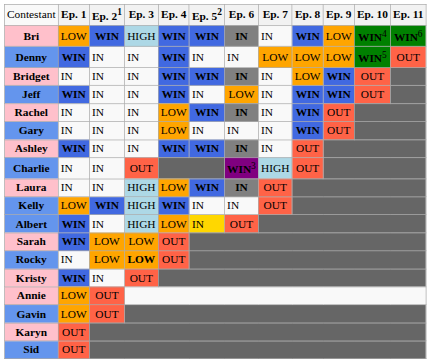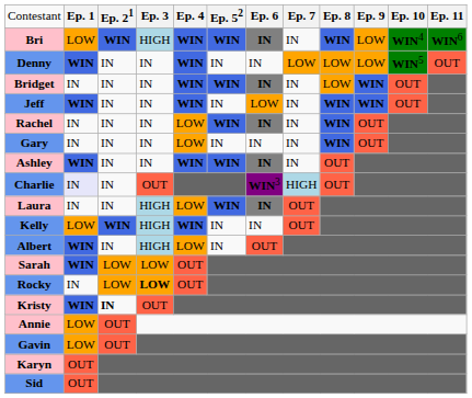 <table class="wikitable">
 <tr>
 <td align="center">Contestant</td>
 <th>Ep. 1</th>
 <th>Ep. 2<sup>1</sup></th>
 <th>Ep. 3</th>
 <th>Ep. 4</th>
 <th>Ep. 5<sup>2</sup></th>
 <th>Ep. 6</th>
 <th>Ep. 7</th>
 <th>Ep. 8</th>
 <th>Ep. 9</th>
 <th>Ep. 10</th>
 <th>Ep. 11</th>
 </tr>
 <tr>
 <td align="center" style="background:pink;"><strong>Bri</strong></td>
 <td align="center" style="background:orange;">LOW</td>
 <td align="center" style="background:royalblue;"><strong>WIN</strong></td>
 <td align="center" style="background:lightblue;">HIGH</td>
 <td align="center" style="background:royalblue;"><strong>WIN</strong></td>
 <td align="center" style="background:royalblue;"><strong>WIN</strong></td>
 <td align="center" style="background:gray;"><strong>IN</strong></td>
 <td>IN</td>
 <td align="center" style="background:royalblue;"><strong>WIN</strong></td>
 <td align="center" style="background:orange;">LOW</td>
 <td align="center" style="background:green;"><strong>WIN</strong><sup>4</sup></td>
 <td align="center" style="background:green;"><strong>WIN</strong><sup>6</sup></td>
 </tr>
 <tr>
 <td align="center" style="background:cornflowerblue;"><strong>Denny</strong></td>
 <td align="center" style="background:royalblue;"><strong>WIN</strong></td>
 <td>IN</td>
 <td>IN</td>
 <td align="center" style="background:royalblue;"><strong>WIN</strong></td>
 <td>IN</td>
 <td>IN</td>
 <td align="center" style="background:orange;">LOW</td>
 <td align="center" style="background:orange;">LOW</td>
 <td align="center" style="background:orange;">LOW</td>
 <td align="center" style="background:green;"><strong>WIN</strong><sup>5</sup></td>
 <td align="center" style="background:tomato;">OUT</td>
 </tr>
 <tr>
 <td align="center" style="background:pink;"><strong>Bridget</strong></td>
 <td>IN</td>
 <td>IN</td>
 <td>IN</td>
 <td align="center" style="background:royalblue;"><strong>WIN</strong></td>
 <td align="center" style="background:royalblue;"><strong>WIN</strong></td>
 <td align="center" style="background:gray;"><strong>IN</strong></td>
 <td>IN</td>
 <td align="center" style="background:orange;">LOW</td>
 <td align="center" style="background:royalblue;"><strong>WIN</strong></td>
 <td align="center" style="background:tomato;">OUT</td>
 <td colspan="10" style="background:#666666;"></td>
 </tr>
 <tr>
 <td align="center" style="background:cornflowerblue;"><strong>Jeff </strong></td>
 <td align="center" style="background:royalblue;"><strong>WIN</strong></td>
 <td>IN</td>
 <td>IN</td>
 <td align="center" style="background:royalblue;"><strong>WIN</strong></td>
 <td>IN</td>
 <td align="center" style="background:orange;">LOW</td>
 <td>IN</td>
 <td align="center" style="background:royalblue;"><strong>WIN</strong></td>
 <td align="center" style="background:royalblue;"><strong>WIN</strong></td>
 <td align="center" style="background:tomato;">OUT</td>
 <td colspan="10" style="background:#666666;"></td>
 </tr>
 <tr>
 <td align="center" style="background:pink;"><strong>Rachel</strong></td>
 <td>IN</td>
 <td>IN</td>
 <td>IN</td>
 <td align="center" style="background:orange;">LOW</td>
 <td align="center" style="background:royalblue;"><strong>WIN</strong></td>
 <td align="center" style="background:gray;"><strong>IN</strong></td>
 <td>IN</td>
 <td align="center" style="background:royalblue;"><strong>WIN</strong></td>
 <td align="center" style="background:tomato;">OUT</td>
 <td colspan="10" style="background:#666666;"></td>
 </tr>
 <tr>
 <td align="center" style="background:cornflowerblue;"><strong>Gary</strong></td>
 <td>IN</td>
 <td>IN</td>
 <td>IN</td>
 <td align="center" style="background:orange;">LOW</td>
 <td>IN</td>
 <td>IN</td>
 <td>IN</td>
 <td align="center" style="background:royalblue;"><strong>WIN</strong></td>
 <td align="center" style="background:tomato;">OUT</td>
 <td colspan="10" style="background:#666666;"></td>
 </tr>
 <tr>
 <td align="center" style="background:pink;"><strong>Ashley</strong></td>
 <td align="center" style="background:royalblue;"><strong>WIN</strong></td>
 <td>IN</td>
 <td>IN</td>
 <td align="center" style="background:royalblue;"><strong>WIN</strong></td>
 <td align="center" style="background:royalblue;"><strong>WIN</strong></td>
 <td align="center" style="background:gray;"><strong>IN</strong></td>
 <td>IN</td>
 <td align="center" style="background:tomato;">OUT</td>
 <td colspan="10" style="background:#666666;"></td>
 </tr>
 <tr>
 <td align="center" style="background:cornflowerblue;"><strong>Charlie</strong></td>
-<td>IN</td>
+<td style="background: lavender;">IN</td>
 <td>IN</td>
 <td align="center" style="background:tomato;">OUT</td>
 <td colspan="2" style="background:#666666;"></td>
 <td align="center" style="background:purple;"><strong>WIN</strong><sup>3</sup></td>
 <td align="center" style="background:lightblue;">HIGH</td>
 <td align="center" style="background:tomato;">OUT</td>
 <td colspan="10" style="background:#666666;"></td>
 </tr>
 <tr>
 <td align="center" style="background:pink;"><strong>Laura</strong></td>
 <td>IN</td>
 <td>IN</td>
 <td align="center" style="background:lightblue;">HIGH</td>
 <td align="center" style="background:orange;">LOW</td>
 <td align="center" style="background:royalblue;"><strong>WIN</strong></td>
 <td align="center" style="background:gray;"><strong>IN</strong></td>
 <td align="center" style="background:tomato;">OUT</td>
 <td colspan="10" style="background:#666666;"></td>
 </tr>
 <tr>
 <td align="center" style="background:cornflowerblue;"><strong>Kelly</strong></td>
 <td align="center" style="background:orange;">LOW</td>
 <td align="center" style="background:royalblue;"><strong>WIN</strong></td>
 <td align="center" style="background:lightblue;">HIGH</td>
 <td align="center" style="background:royalblue;"><strong>WIN</strong></td>
 <td>IN</td>
 <td>IN</td>
 <td align="center" style="background:tomato;">OUT</td>
 <td colspan="10" style="background:#666666;"></td>
 </tr>
 <tr>
 <td align="center" style="background:cornflowerblue;"><strong>Albert</strong></td>
 <td align="center" style="background:royalblue;"><strong>WIN</strong></td>
 <td>IN</td>
 <td align="center" style="background:lightblue;">HIGH</td>
 <td align="center" style="background:orange;">LOW</td>
-<td style="background: gold;">IN</td>
+<td>IN</td>
 <td align="center" style="background:tomato;">OUT</td>
 <td colspan="10" style="background:#666666;"></td>
 </tr>
 <tr>
 <td align="center" style="background:pink;"><strong>Sarah</strong></td>
 <td align="center" style="background:royalblue;"><strong>WIN</strong></td>
 <td align="center" style="background:orange;">LOW</td>
 <td align="center" style="background:orange;">LOW</td>
 <td align="center" style="background:tomato;">OUT</td>
 <td colspan="10" style="background:#666666;"></td>
 </tr>
 <tr>
 <td align="center" style="background:cornflowerblue;"><strong>Rocky</strong></td>
 <td>IN</td>
 <td align="center" style="background:orange;">LOW</td>
 <td align="center" style="background:orange;"><strong>LOW</strong></td>
 <td align="center" style="background:tomato;">OUT</td>
 <td colspan="10" style="background:#666666;"></td>
 </tr>
 <tr>
 <td align="center" style="background:pink;"><strong>Kristy</strong></td>
 <td align="center" style="background:royalblue;"><strong>WIN</strong></td>
-<td>IN</td>
+<td><strong>IN</strong></td>
 <td align="center" style="background:tomato;">OUT</td>
 <td colspan="9" style="background:#666666;"></td>
 </tr>
 <tr>
 <td align="center" style="background:pink;"><strong>Annie</strong></td>
 <td align="center" style="background:orange;">LOW</td>
 <td align="center" style="background:tomato;">OUT</td>
 <td colspan="10" style="background#:666666;"></td>
 </tr>
 <tr>
 <td align="center" style="background:cornflowerblue;"><strong>Gavin</strong></td>
 <td align="center" style="background:orange;">LOW</td>
 <td align="center" style="background:tomato;">OUT</td>
 <td colspan="10" style="background:#666666;"></td>
 </tr>
 <tr>
 <td align="center" style="background:pink;"><strong>Karyn</strong></td>
 <td align="center" style="background:tomato;">OUT</td>
 <td colspan="11" style="background:#666666;"></td>
 </tr>
 <tr>
 <td align="center" style="background:cornflowerblue;"><strong>Sid</strong></td>
 <td align="center" style="background:tomato;">OUT</td>
 <td colspan="11" style="background:#666666;"></td>
 </tr>
 </table>
